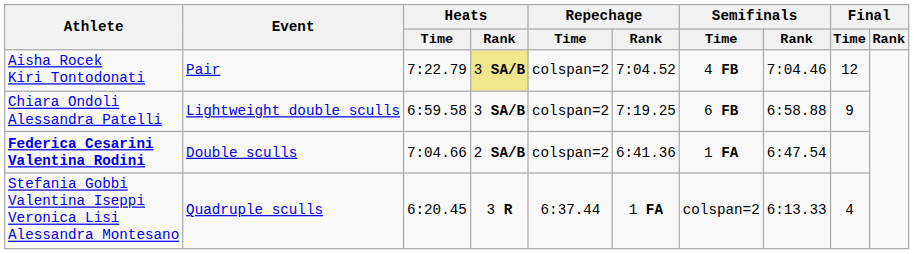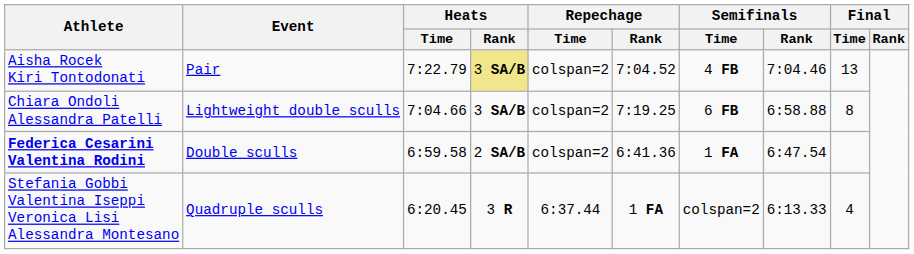 <table class="wikitable" style="font-size:90%">
 <tr>
 <th rowspan="2">Athlete</th>
 <th rowspan="2">Event</th>
 <th colspan="2">Heats</th>
 <th colspan="2">Repechage</th>
 <th colspan="2">Semifinals</th>
 <th colspan="2">Final</th>
 </tr>
 <tr style="font-size:95%">
 <th>Time</th>
 <th>Rank</th>
 <th>Time</th>
 <th>Rank</th>
 <th>Time</th>
 <th>Rank</th>
 <th>Time</th>
 <th>Rank</th>
 </tr>
 <tr align=center>
 <td align=left><a href='#'>Aisha Rocek</a><br><a href='#'>Kiri Tontodonati</a></td>
 <td align=left><a href='#'>Pair</a></td>
 <td>7:22.79</td>
 <td style="background: khaki;">3 <strong>SA/B</strong></td>
 <td>colspan=2 </td>
 <td>7:04.52</td>
 <td>4 <strong>FB</strong></td>
 <td>7:04.46</td>
-<td>12</td>
+<td>13</td>
 </tr>
 <tr align=center>
 <td align=left><a href='#'>Chiara Ondoli</a><br><a href='#'>Alessandra Patelli</a></td>
 <td align=left><a href='#'>Lightweight double sculls</a></td>
-<td>6:59.58</td>
+<td>7:04.66</td>
 <td>3 <strong>SA/B</strong></td>
 <td>colspan=2 </td>
 <td>7:19.25</td>
 <td>6 <strong>FB</strong></td>
 <td>6:58.88</td>
-<td>9</td>
+<td>8</td>
 </tr>
 <tr align=center>
 <td align=left><strong><a href='#'>Federica Cesarini</a><br><a href='#'>Valentina Rodini</a></strong></td>
 <td align=left><a href='#'>Double sculls</a></td>
-<td>7:04.66</td>
+<td>6:59.58</td>
 <td>2 <strong>SA/B</strong></td>
 <td>colspan=2 </td>
 <td>6:41.36 </td>
 <td>1 <strong>FA</strong></td>
 <td>6:47.54</td>
 <td></td>
 </tr>
 <tr align=center>
 <td align=left><a href='#'>Stefania Gobbi</a><br><a href='#'>Valentina Iseppi</a><br><a href='#'>Veronica Lisi</a><br><a href='#'>Alessandra Montesano</a></td>
 <td align=left><a href='#'>Quadruple sculls</a></td>
 <td>6:20.45</td>
 <td>3 <strong>R</strong></td>
 <td>6:37.44</td>
 <td>1 <strong>FA</strong></td>
 <td>colspan=2 </td>
 <td>6:13.33</td>
 <td>4</td>
 </tr>
 </table>
